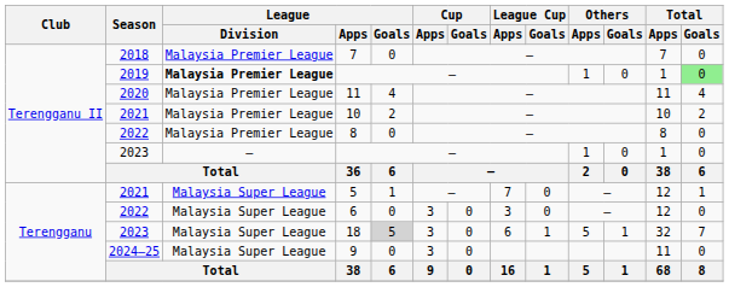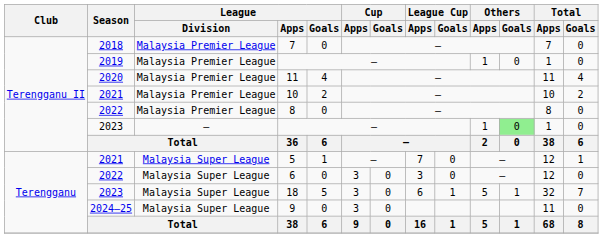 <table class=wikitable style="text-align:center">
 <tr>
 <th rowspan=2>Club</th>
 <th rowspan=2>Season</th>
 <th colspan=3>League</th>
 <th colspan=2>Cup</th>
 <th colspan=2>League Cup</th>
 <th colspan=2>Others</th>
 <th colspan=2>Total</th>
 </tr>
 <tr>
 <th>Division</th>
 <th>Apps</th>
 <th>Goals</th>
 <th>Apps</th>
 <th>Goals</th>
 <th>Apps</th>
 <th>Goals</th>
 <th>Apps</th>
 <th>Goals</th>
 <th>Apps</th>
 <th>Goals</th>
 </tr>
 <tr>
 <td rowspan="7"><a href='#'>Terengganu II</a></td>
 <td><a href='#'>2018</a></td>
 <td><a href='#'>Malaysia Premier League</a></td>
 <td>7</td>
 <td>0</td>
 <td colspan=6>–</td>
 <td>7</td>
 <td>0</td>
 </tr>
 <tr>
 <td><a href='#'>2019</a></td>
-<td><strong>Malaysia Premier League</strong></td>
+<td>Malaysia Premier League</td>
 <td colspan=6>–</td>
 <td>1</td>
 <td>0</td>
 <td>1</td>
-<td style="background: lightgreen;">0</td>
+<td>0</td>
 </tr>
 <tr>
 <td><a href='#'>2020</a></td>
 <td>Malaysia Premier League</td>
 <td>11</td>
 <td>4</td>
 <td colspan=6>–</td>
 <td>11</td>
 <td>4</td>
 </tr>
 <tr>
 <td><a href='#'>2021</a></td>
 <td>Malaysia Premier League</td>
 <td>10</td>
 <td>2</td>
 <td colspan=6>–</td>
 <td>10</td>
 <td>2</td>
 </tr>
 <tr>
 <td><a href='#'>2022</a></td>
 <td>Malaysia Premier League</td>
 <td>8</td>
 <td>0</td>
 <td colspan=6>–</td>
 <td>8</td>
 <td>0</td>
 </tr>
 <tr>
 <td>2023</td>
 <td>—</td>
 <td colspan=6>–</td>
 <td>1</td>
-<td>0</td>
+<td style="background: lightgreen;">0</td>
 <td>1</td>
 <td>0</td>
 </tr>
 <tr>
 <th colspan="2">Total</th>
 <th>36</th>
 <th>6</th>
 <th colspan=4>–</th>
 <th>2</th>
 <th>0</th>
 <th>38</th>
 <th>6</th>
 </tr>
 <tr>
 <td rowspan="5"><a href='#'>Terengganu</a></td>
 <td><a href='#'>2021</a></td>
 <td><a href='#'>Malaysia Super League</a></td>
 <td>5</td>
 <td>1</td>
 <td colspan=2>–</td>
 <td>7</td>
 <td>0</td>
 <td colspan=2>–</td>
 <td>12</td>
 <td>1</td>
 </tr>
 <tr>
 <td><a href='#'>2022</a></td>
 <td>Malaysia Super League</td>
 <td>6</td>
 <td>0</td>
 <td>3</td>
 <td>0</td>
 <td>3</td>
 <td>0</td>
 <td colspan=2>–</td>
 <td>12</td>
 <td>0</td>
 </tr>
 <tr>
 <td><a href='#'>2023</a></td>
 <td>Malaysia Super League</td>
 <td>18</td>
-<td style="background: lightgrey;">5</td>
+<td>5</td>
 <td>3</td>
 <td>0</td>
 <td>6</td>
 <td>1</td>
 <td>5</td>
 <td>1</td>
 <td>32</td>
 <td>7</td>
 </tr>
 <tr>
 <td><a href='#'>2024–25</a></td>
 <td>Malaysia Super League</td>
 <td>9</td>
 <td>0</td>
 <td>3</td>
 <td>0</td>
 <td></td>
 <td></td>
 <td></td>
 <td></td>
 <td>11</td>
 <td>0</td>
 </tr>
 <tr>
 <th colspan="2">Total</th>
 <th>38</th>
 <th>6</th>
 <th>9</th>
 <th>0</th>
 <th>16</th>
 <th>1</th>
 <th>5</th>
 <th>1</th>
 <th>68</th>
 <th>8</th>
 </tr>
 <tr>
 </tr>
 </table>
